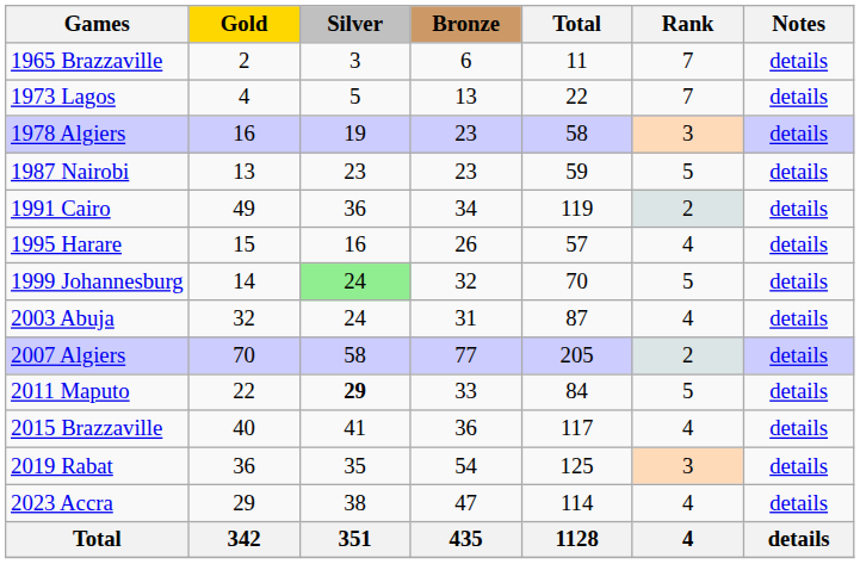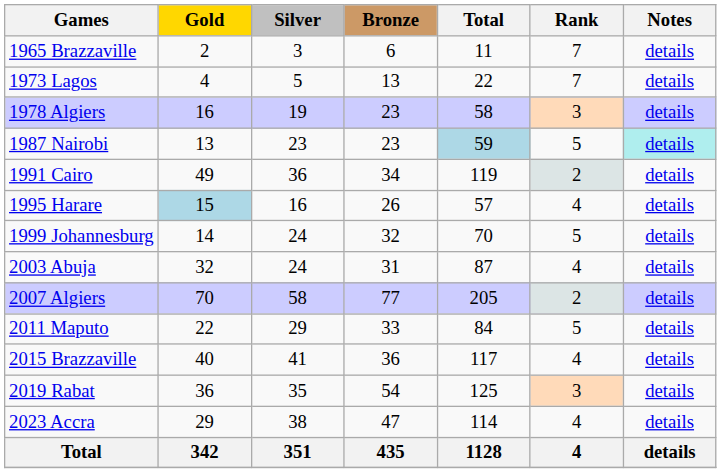 <table class="wikitable" style="font-size:90%; text-align:center;">
 <tr>
 <th>Games</th>
 <td style="background:gold; width:4.5em; font-weight:bold;">Gold</td>
 <td style="background:silver; width:4.5em; font-weight:bold;">Silver</td>
 <td style="background:#cc9966; width:4.5em; font-weight:bold;">Bronze</td>
 <th style="width:4.5em; font-weight:bold;">Total</th>
 <th style="width:4.5em; font-weight:bold;">Rank</th>
 <th style="width:4.5em; font-weight:bold;">Notes</th>
 </tr>
 <tr>
 <td align=left><a href='#'>1965 Brazzaville</a></td>
 <td>2</td>
 <td>3</td>
 <td>6</td>
 <td>11</td>
 <td>7</td>
 <td><a href='#'>details</a></td>
 </tr>
 <tr>
 <td align=left><a href='#'>1973 Lagos</a></td>
 <td>4</td>
 <td>5</td>
 <td>13</td>
 <td>22</td>
 <td>7</td>
 <td><a href='#'>details</a></td>
 </tr>
 <tr style="background:#ccccff">
 <td align=left><a href='#'>1978 Algiers</a></td>
 <td>16</td>
 <td>19</td>
 <td>23</td>
 <td>58</td>
 <td bgcolor=ffdab9>3</td>
 <td><a href='#'>details</a></td>
 </tr>
 <tr>
 <td align=left><a href='#'>1987 Nairobi</a></td>
 <td>13</td>
 <td>23</td>
 <td>23</td>
-<td>59</td>
+<td style="background: lightblue;">59</td>
 <td>5</td>
-<td><a href='#'>details</a></td>
+<td style="background: paleturquoise;"><a href='#'>details</a></td>
 </tr>
 <tr>
 <td align=left><a href='#'>1991 Cairo</a></td>
 <td>49</td>
 <td>36</td>
 <td>34</td>
 <td>119</td>
 <td bgcolor=DCE5E5>2</td>
 <td><a href='#'>details</a></td>
 </tr>
 <tr>
 <td align=left><a href='#'>1995 Harare</a></td>
-<td>15</td>
+<td style="background: lightblue;">15</td>
 <td>16</td>
 <td>26</td>
 <td>57</td>
 <td>4</td>
 <td><a href='#'>details</a></td>
 </tr>
 <tr>
 <td align=left><a href='#'>1999 Johannesburg</a></td>
 <td>14</td>
-<td style="background: lightgreen;">24</td>
+<td>24</td>
 <td>32</td>
 <td>70</td>
 <td>5</td>
 <td><a href='#'>details</a></td>
 </tr>
 <tr>
 <td align=left><a href='#'>2003 Abuja</a></td>
 <td>32</td>
 <td>24</td>
 <td>31</td>
 <td>87</td>
 <td>4</td>
 <td><a href='#'>details</a></td>
 </tr>
 <tr style="background:#ccccff">
 <td align=left><a href='#'>2007 Algiers</a></td>
 <td>70</td>
 <td>58</td>
 <td>77</td>
 <td>205</td>
 <td bgcolor=DCE5E5>2</td>
 <td><a href='#'>details</a></td>
 </tr>
 <tr>
 <td align=left><a href='#'>2011 Maputo</a></td>
 <td>22</td>
-<td><strong>29</strong></td>
+<td>29</td>
 <td>33</td>
 <td>84</td>
 <td>5</td>
 <td><a href='#'>details</a></td>
 </tr>
 <tr>
 <td align=left><a href='#'>2015 Brazzaville</a></td>
 <td>40</td>
 <td>41</td>
 <td>36</td>
 <td>117</td>
 <td>4</td>
 <td><a href='#'>details</a></td>
 </tr>
 <tr>
 <td align=left><a href='#'>2019 Rabat</a></td>
 <td>36</td>
 <td>35</td>
 <td>54</td>
 <td>125</td>
 <td bgcolor=ffdab9>3</td>
 <td><a href='#'>details</a></td>
 </tr>
 <tr>
 <td align=left><a href='#'>2023 Accra</a></td>
 <td>29</td>
 <td>38</td>
 <td>47</td>
 <td>114</td>
 <td>4</td>
 <td><a href='#'>details</a></td>
 </tr>
 <tr style="width:4em;">
 <th>Total</th>
 <th>342</th>
 <th>351</th>
 <th>435</th>
 <th>1128</th>
 <th>4</th>
 <th>details</th>
 </tr>
 <tr class="sortbottom">
 </tr>
 </table>
